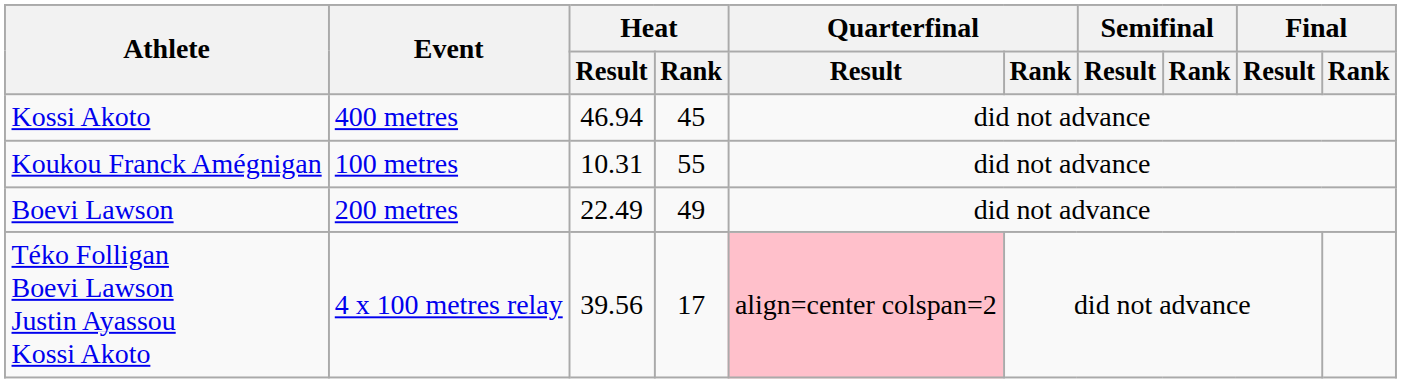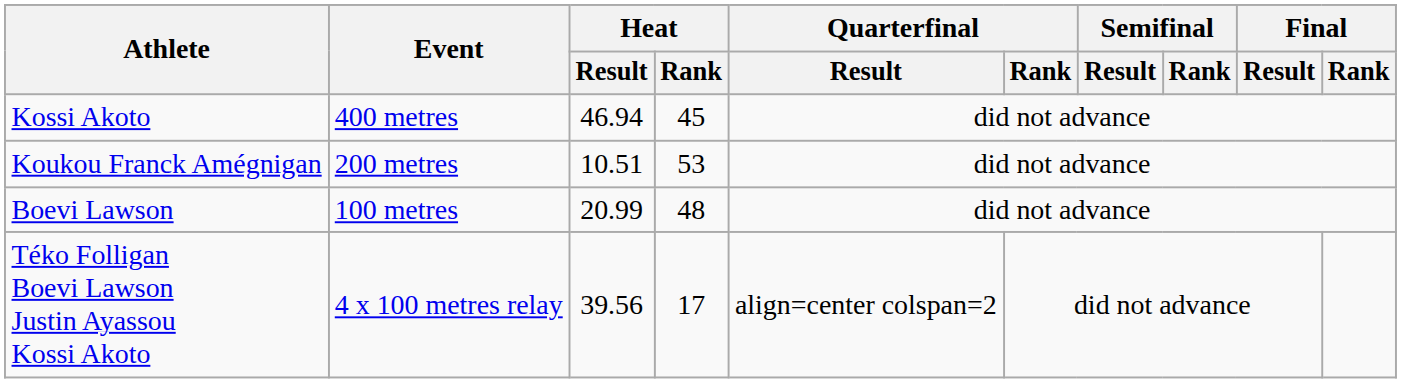 <table class="wikitable" style="font-size:90%;">
 <tr>
 <th rowspan="2">Athlete</th>
 <th rowspan="2">Event</th>
 <th colspan="2">Heat</th>
 <th colspan="2">Quarterfinal</th>
 <th colspan="2">Semifinal</th>
 <th colspan="2">Final</th>
 </tr>
 <tr style="font-size:95%">
 <th>Result</th>
 <th>Rank</th>
 <th>Result</th>
 <th>Rank</th>
 <th>Result</th>
 <th>Rank</th>
 <th>Result</th>
 <th>Rank</th>
 </tr>
 <tr>
 <td><a href='#'>Kossi Akoto</a></td>
 <td><a href='#'>400 metres</a></td>
 <td align=center>46.94</td>
 <td align=center>45</td>
 <td align=center colspan=6>did not advance</td>
 </tr>
 <tr>
 <td><a href='#'>Koukou Franck Amégnigan</a></td>
-<td><a href='#'>100 metres</a></td>
-<td align=center>10.31</td>
-<td align=center>55</td>
+<td><a href='#'>200 metres</a></td>
+<td align=center>10.51</td>
+<td align=center>53</td>
 <td align=center colspan=6>did not advance</td>
 </tr>
 <tr>
 <td><a href='#'>Boevi Lawson</a></td>
-<td><a href='#'>200 metres</a></td>
-<td align=center>22.49</td>
-<td align=center>49</td>
+<td><a href='#'>100 metres</a></td>
+<td align=center>20.99</td>
+<td align=center>48</td>
 <td align=center colspan=6>did not advance</td>
 </tr>
 <tr>
 <td><a href='#'>Téko Folligan</a><br><a href='#'>Boevi Lawson</a><br><a href='#'>Justin Ayassou</a><br><a href='#'>Kossi Akoto</a></td>
 <td><a href='#'>4 x 100 metres relay</a></td>
 <td align=center>39.56</td>
 <td align=center>17</td>
-<td style="background: pink;">align=center colspan=2 </td>
+<td>align=center colspan=2 </td>
 <td align=center colspan=4>did not advance</td>
 </tr>
 </table>
